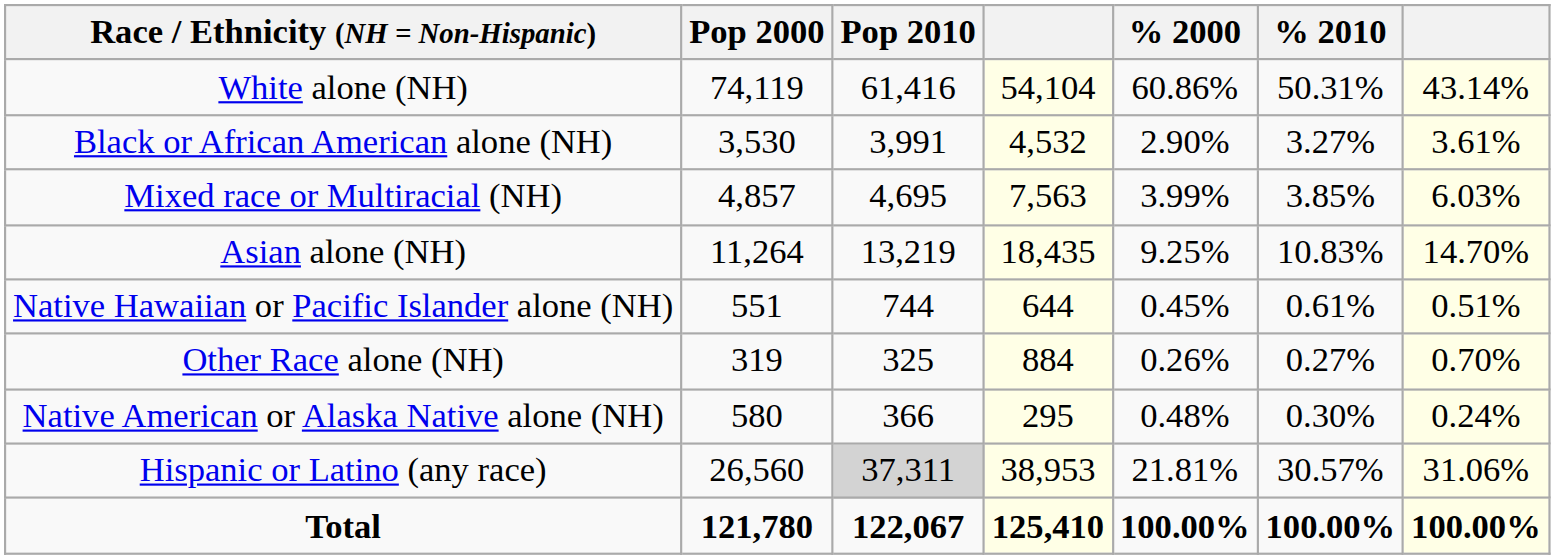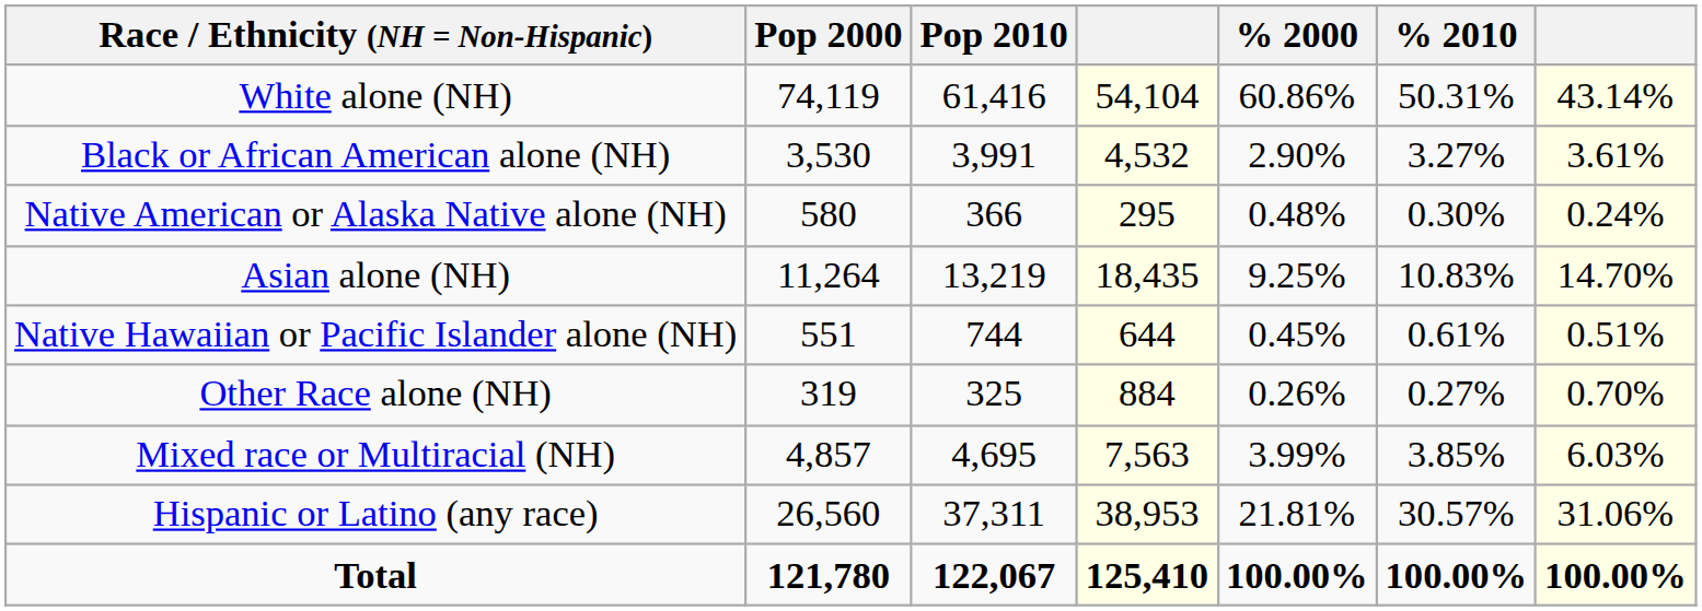 <table class="wikitable" style="text-align:center;">
 <tr>
 <th>Race / Ethnicity <small>(<em>NH = Non-Hispanic</em>)</small></th>
 <th>Pop 2000</th>
 <th>Pop 2010</th>
 <th></th>
 <th>% 2000</th>
 <th>% 2010</th>
 <th></th>
 </tr>
 <tr>
 <td><a href='#'>White</a> alone (NH)</td>
 <td>74,119</td>
 <td>61,416</td>
 <td style='background: #ffffe6;'>54,104</td>
 <td>60.86%</td>
 <td>50.31%</td>
 <td style='background: #ffffe6;'>43.14%</td>
 </tr>
 <tr>
 <td><a href='#'>Black or African American</a> alone (NH)</td>
 <td>3,530</td>
 <td>3,991</td>
 <td style='background: #ffffe6;'>4,532</td>
 <td>2.90%</td>
 <td>3.27%</td>
 <td style='background: #ffffe6;'>3.61%</td>
 </tr>
 <tr>
-<td><a href='#'>Mixed race or Multiracial</a> (NH)</td>
-<td>4,857</td>
-<td>4,695</td>
-<td style='background: #ffffe6;'>7,563</td>
-<td>3.99%</td>
-<td>3.85%</td>
-<td style='background: #ffffe6;'>6.03%</td>
+<td><a href='#'>Native American</a> or <a href='#'>Alaska Native</a> alone (NH)</td>
+<td>580</td>
+<td>366</td>
+<td style='background: #ffffe6;'>295</td>
+<td>0.48%</td>
+<td>0.30%</td>
+<td style='background: #ffffe6;'>0.24%</td>
 </tr>
 <tr>
 <td><a href='#'>Asian</a> alone (NH)</td>
 <td>11,264</td>
 <td>13,219</td>
 <td style='background: #ffffe6;'>18,435</td>
 <td>9.25%</td>
 <td>10.83%</td>
 <td style='background: #ffffe6;'>14.70%</td>
 </tr>
 <tr>
 <td><a href='#'>Native Hawaiian</a> or <a href='#'>Pacific Islander</a> alone (NH)</td>
 <td>551</td>
 <td>744</td>
 <td style='background: #ffffe6;'>644</td>
 <td>0.45%</td>
 <td>0.61%</td>
 <td style='background: #ffffe6;'>0.51%</td>
 </tr>
 <tr>
 <td><a href='#'>Other Race</a> alone (NH)</td>
 <td>319</td>
 <td>325</td>
 <td style='background: #ffffe6;'>884</td>
 <td>0.26%</td>
 <td>0.27%</td>
 <td style='background: #ffffe6;'>0.70%</td>
 </tr>
 <tr>
-<td><a href='#'>Native American</a> or <a href='#'>Alaska Native</a> alone (NH)</td>
-<td>580</td>
-<td>366</td>
-<td style='background: #ffffe6;'>295</td>
-<td>0.48%</td>
-<td>0.30%</td>
-<td style='background: #ffffe6;'>0.24%</td>
+<td><a href='#'>Mixed race or Multiracial</a> (NH)</td>
+<td>4,857</td>
+<td>4,695</td>
+<td style='background: #ffffe6;'>7,563</td>
+<td>3.99%</td>
+<td>3.85%</td>
+<td style='background: #ffffe6;'>6.03%</td>
 </tr>
 <tr>
 <td><a href='#'>Hispanic or Latino</a> (any race)</td>
 <td>26,560</td>
-<td style="background: lightgrey;">37,311</td>
+<td>37,311</td>
 <td style='background: #ffffe6;'>38,953</td>
 <td>21.81%</td>
 <td>30.57%</td>
 <td style='background: #ffffe6;'>31.06%</td>
 </tr>
 <tr>
 <td><strong>Total</strong></td>
 <td><strong>121,780</strong></td>
 <td><strong>122,067</strong></td>
 <td style='background: #ffffe6;'><strong>125,410</strong></td>
 <td><strong>100.00%</strong></td>
 <td><strong>100.00%</strong></td>
 <td style='background: #ffffe6;'><strong>100.00%</strong></td>
 </tr>
 </table>
